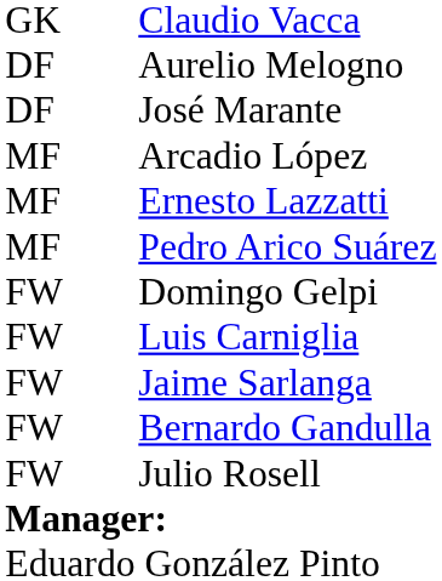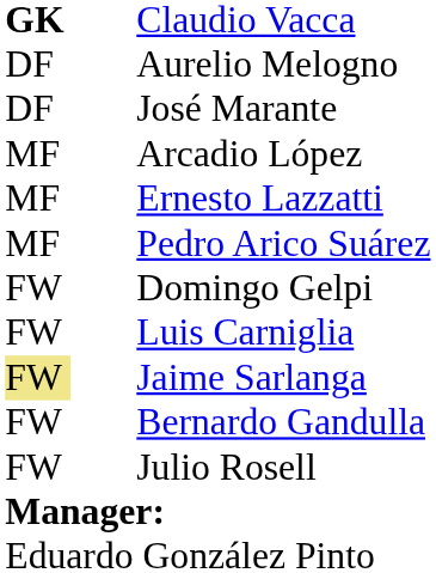 <table cellspacing="0" cellpadding="0" style="font-size:90%; margin:0.2em auto;">
 <tr>
 <th width="25"></th>
 <th width="25"></th>
 </tr>
 <tr>
-<td>GK</td>
+<td><strong>GK</strong></td>
 <td></td>
 <td> <a href='#'>Claudio Vacca</a></td>
 </tr>
 <tr>
 <td>DF</td>
 <td></td>
 <td> Aurelio Melogno</td>
 </tr>
 <tr>
 <td>DF</td>
 <td></td>
 <td> José Marante</td>
 </tr>
 <tr>
 <td>MF</td>
 <td></td>
 <td> Arcadio López</td>
 </tr>
 <tr>
 <td>MF</td>
 <td></td>
 <td> <a href='#'>Ernesto Lazzatti</a></td>
 </tr>
 <tr>
 <td>MF</td>
 <td></td>
 <td> <a href='#'>Pedro Arico Suárez</a></td>
 </tr>
 <tr>
 <td>FW</td>
 <td></td>
 <td> Domingo Gelpi</td>
 </tr>
 <tr>
 <td>FW</td>
 <td></td>
 <td> <a href='#'>Luis Carniglia</a></td>
 </tr>
 <tr>
-<td>FW</td>
+<td style="background: khaki;">FW</td>
 <td></td>
 <td> <a href='#'>Jaime Sarlanga</a></td>
 </tr>
 <tr>
 <td>FW</td>
 <td></td>
 <td> <a href='#'>Bernardo Gandulla</a></td>
 </tr>
 <tr>
 <td>FW</td>
 <td></td>
 <td> Julio Rosell</td>
 </tr>
 <tr>
 <td colspan=3><strong>Manager:</strong></td>
 </tr>
 <tr>
 <td colspan=4> Eduardo González Pinto</td>
 </tr>
 </table>
